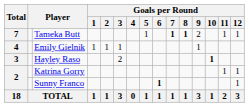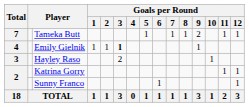 <table class="wikitable" style="text-align:center; line-height: 90%; font-size:90%;">
 <tr>
 <th rowspan="2">Total</th>
 <th rowspan="2" colspan="2">Player</th>
 <th colspan="12">Goals per Round</th>
 </tr>
 <tr>
 <th> 1 </th>
 <th> 2 </th>
 <th> 3 </th>
 <th> 4 </th>
 <th> 5 </th>
 <th> 6 </th>
 <th> 7 </th>
 <th> 8 </th>
 <th> 9 </th>
 <th>10</th>
 <th>11</th>
 <th>12</th>
 </tr>
 <tr>
 <th rowspan="1">7</th>
 <td></td>
 <td style="text-align:left;"><a href='#'>Tameka Butt</a></td>
 <td></td>
 <td></td>
 <td></td>
 <td></td>
 <td>1</td>
 <td></td>
-<td><strong>1</strong></td>
-<td><strong>1</strong></td>
+<td>1</td>
+<td>1</td>
 <td>2</td>
 <td></td>
 <td>1</td>
 <td>1</td>
 </tr>
 <tr>
 <th rowspan="1">4</th>
 <td></td>
 <td style="text-align:left;"><a href='#'>Emily Gielnik</a></td>
 <td>1</td>
 <td>1</td>
-<td>1</td>
+<td><strong>1</strong></td>
 <td></td>
 <td></td>
 <td></td>
 <td></td>
 <td></td>
 <td>1</td>
 <td></td>
 <td></td>
 <td></td>
 </tr>
 <tr>
 <th rowspan="1">3</th>
 <td></td>
 <td style="text-align:left;"><a href='#'>Hayley Raso</a></td>
 <td></td>
 <td></td>
 <td>2</td>
 <td></td>
 <td></td>
 <td></td>
 <td></td>
 <td></td>
 <td></td>
-<td><strong>1</strong></td>
+<td>1</td>
 <td></td>
 <td></td>
 </tr>
 <tr>
 <th rowspan="2">2</th>
 <td></td>
 <td style="text-align:left;"><a href='#'>Katrina Gorry</a></td>
 <td></td>
 <td></td>
 <td></td>
 <td></td>
 <td></td>
 <td></td>
 <td></td>
 <td></td>
 <td></td>
 <td></td>
 <td>1</td>
 <td>1</td>
 </tr>
 <tr>
 <td></td>
 <td style="text-align:left;"><a href='#'>Sunny Franco</a></td>
 <td></td>
 <td></td>
 <td></td>
 <td></td>
 <td></td>
-<td><strong>1</strong></td>
+<td>1</td>
 <td></td>
 <td></td>
 <td></td>
 <td></td>
 <td></td>
 <td>1</td>
 </tr>
 <tr>
 <th rowspan="1">18</th>
 <th colspan="2">TOTAL</th>
 <th style="text-align:center;">1</th>
 <th>1</th>
 <th>3</th>
 <th>0</th>
 <th>1</th>
 <th>1</th>
 <th>1</th>
 <th>1</th>
 <th>3</th>
 <th>1</th>
 <th>2</th>
 <th>3</th>
 </tr>
 </table>
